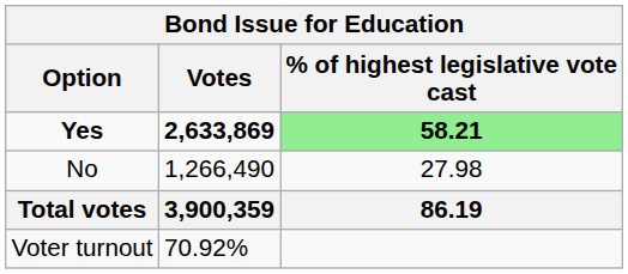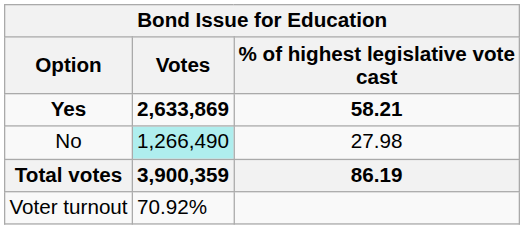 <table class="wikitable">
 <tr>
 <th colspan=4 text align=center>Bond Issue for Education</th>
 </tr>
 <tr>
 <th>Option</th>
 <th>Votes</th>
 <th>% of highest legislative vote<br>cast</th>
 </tr>
 <tr>
 <td text align=center><strong>Yes</strong></td>
 <td text align=center><strong>2,633,869</strong></td>
-<td text align=center style="background: lightgreen;"><strong>58.21</strong></td>
+<td text align=center><strong>58.21</strong></td>
 </tr>
 <tr>
 <td text align=center>No</td>
-<td text align=center>1,266,490</td>
+<td text align=center style="background: paleturquoise;">1,266,490</td>
 <td text align=center>27.98</td>
 </tr>
 <tr>
 <th text align=center>Total votes</th>
 <th text align=center><strong>3,900,359</strong></th>
 <th text align=center><strong>86.19</strong></th>
 </tr>
 <tr>
 <td>Voter turnout</td>
 <td>70.92%</td>
 </tr>
 </table>
